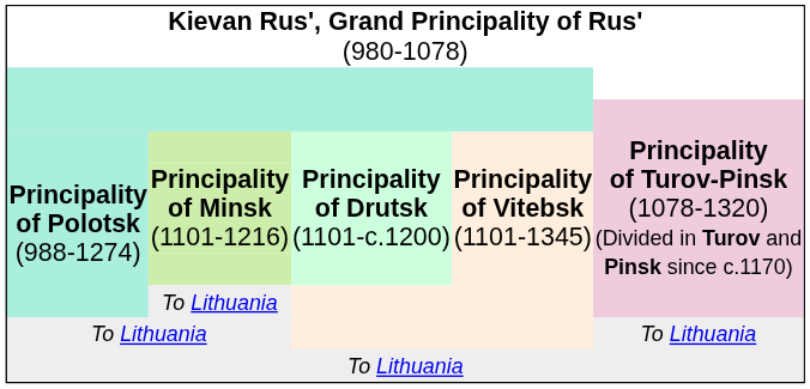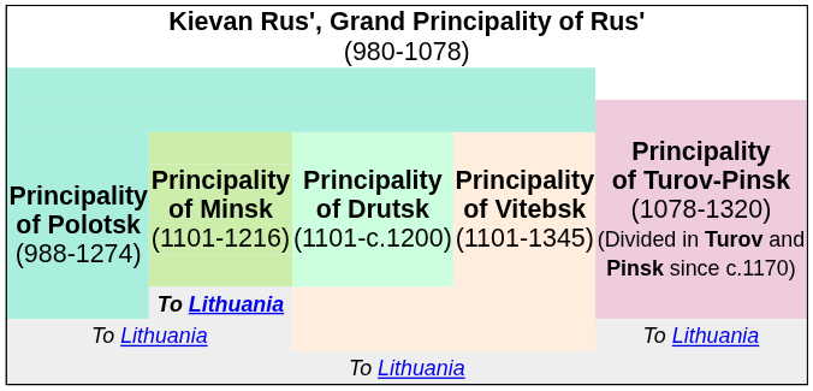 <table align="center" style="border-spacing: 0px; border: 1px solid black; text-align: center;">
 <tr>
 <td colspan=5 style="background: #fff;"><strong>Kievan Rus', Grand Principality of Rus' </strong><br>(980-1078)</td>
 </tr>
 <tr>
 <td colspan=4 style="background: #aed;">      </td>
 <td colspan=1 style="background: #fff;">      </td>
 </tr>
 <tr>
 <td colspan=4 style="background: #aed;">      </td>
 <td colspan=1 rowspan="5" style="background: #ecd"><strong>Principality<br>of Turov-Pinsk</strong><br> (1078-1320)<br><small>(Divided in <strong>Turov</strong> and<br> <strong>Pinsk</strong> since c.1170)</small></td>
 </tr>
 <tr>
 <td colspan=1 rowspan="4" style="background: #aed;"><strong>Principality<br>of Polotsk</strong><br>(988-1274)</td>
 <td colspan=1 style="background: #cea;">      </td>
 <td colspan=1 rowspan="3" style="background: #cfd;"><strong>Principality<br>of Drutsk</strong><br>(1101-c.1200)</td>
 <td colspan=1 rowspan="3" style="background: #fed;"><strong>Principality<br>of Vitebsk</strong><br>(1101-1345)</td>
 </tr>
 <tr>
 <td colspan=1 style="background: #cea;"><strong>Principality<br>of Minsk</strong><br>(1101-1216)</td>
 </tr>
 <tr>
 <td colspan=1 style="background: #cea;">      </td>
 </tr>
 <tr>
-<td colspan=1 style="background: #eee;"><small><em>To <a href='#'>Lithuania</a></em></small></td>
+<td colspan=1 style="background: #eee;"><strong><small><em>To <a href='#'>Lithuania</a></em></small></strong></td>
 <td colspan=2 style="background: #fed;">      </td>
 </tr>
 <tr>
 <td colspan=2 style="background: #eee;"><small><em>To <a href='#'>Lithuania</a></em></small></td>
 <td colspan=2 style="background: #fed;">      </td>
 <td colspan=1 style="background: #eee;"><small><em>To <a href='#'>Lithuania</a></em></small></td>
 </tr>
 <tr>
 <td colspan=5 style="background: #eee;"><small><em>To <a href='#'>Lithuania</a></em></small></td>
 </tr>
 <tr>
 </tr>
 </table>
